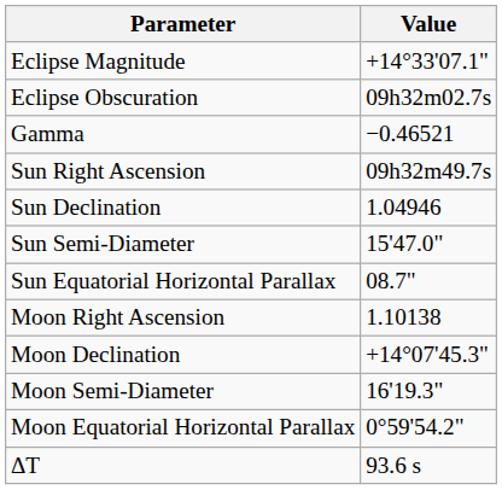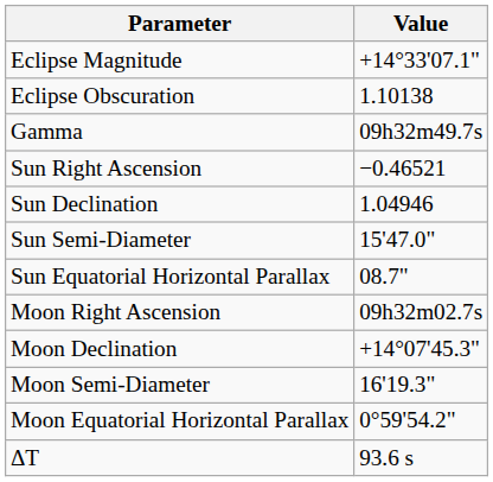 <table class="wikitable">
 <tr>
 <th>Parameter</th>
 <th>Value</th>
 </tr>
 <tr>
 <td>Eclipse Magnitude</td>
 <td>+14°33'07.1"</td>
 </tr>
 <tr>
 <td>Eclipse Obscuration</td>
-<td>09h32m02.7s</td>
+<td>1.10138</td>
 </tr>
 <tr>
 <td>Gamma</td>
-<td>−0.46521</td>
+<td>09h32m49.7s</td>
 </tr>
 <tr>
 <td>Sun Right Ascension</td>
-<td>09h32m49.7s</td>
+<td>−0.46521</td>
 </tr>
 <tr>
 <td>Sun Declination</td>
 <td>1.04946</td>
 </tr>
 <tr>
 <td>Sun Semi-Diameter</td>
 <td>15'47.0"</td>
 </tr>
 <tr>
 <td>Sun Equatorial Horizontal Parallax</td>
 <td>08.7"</td>
 </tr>
 <tr>
 <td>Moon Right Ascension</td>
-<td>1.10138</td>
+<td>09h32m02.7s</td>
 </tr>
 <tr>
 <td>Moon Declination</td>
 <td>+14°07'45.3"</td>
 </tr>
 <tr>
 <td>Moon Semi-Diameter</td>
 <td>16'19.3"</td>
 </tr>
 <tr>
 <td>Moon Equatorial Horizontal Parallax</td>
 <td>0°59'54.2"</td>
 </tr>
 <tr>
 <td>ΔT</td>
 <td>93.6 s</td>
 </tr>
 </table>
